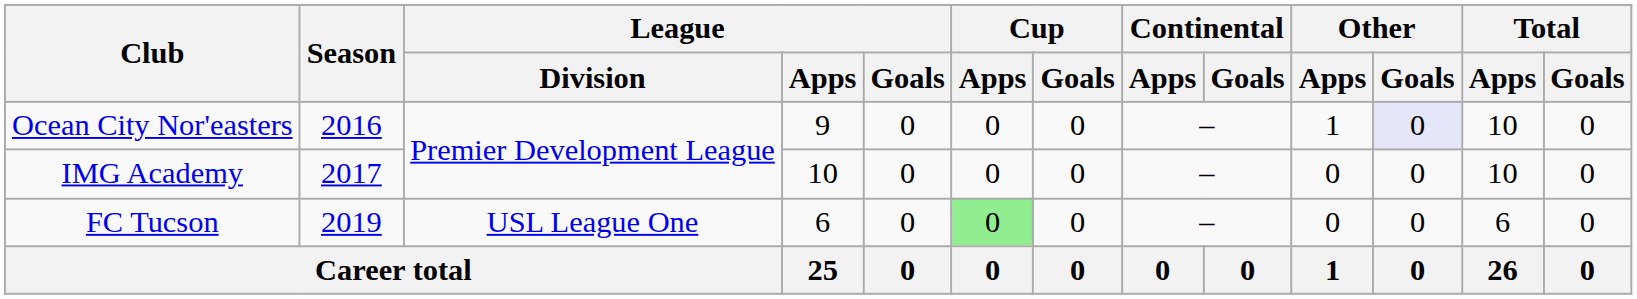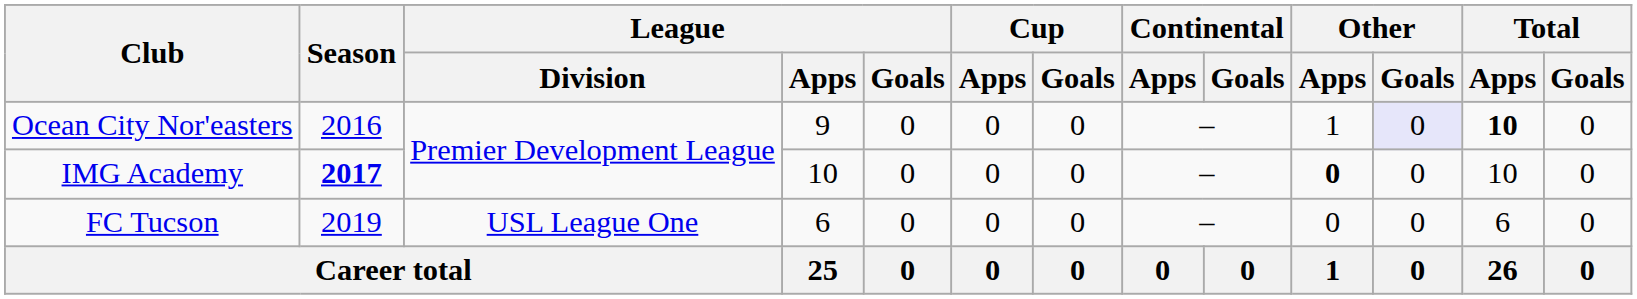 <table class="wikitable" style="text-align: center">
 <tr>
 <th rowspan="2">Club</th>
 <th rowspan="2">Season</th>
 <th colspan="3">League</th>
 <th colspan="2">Cup</th>
 <th colspan="2">Continental</th>
 <th colspan="2">Other</th>
 <th colspan="2">Total</th>
 </tr>
 <tr>
 <th>Division</th>
 <th>Apps</th>
 <th>Goals</th>
 <th>Apps</th>
 <th>Goals</th>
 <th>Apps</th>
 <th>Goals</th>
 <th>Apps</th>
 <th>Goals</th>
 <th>Apps</th>
 <th>Goals</th>
 </tr>
 <tr>
 <td><a href='#'>Ocean City Nor'easters</a></td>
 <td><a href='#'>2016</a></td>
 <td rowspan="2"><a href='#'>Premier Development League</a></td>
 <td>9</td>
 <td>0</td>
 <td>0</td>
 <td>0</td>
 <td colspan="2">–</td>
 <td>1</td>
 <td style="background: lavender;">0</td>
-<td>10</td>
+<td><strong>10</strong></td>
 <td>0</td>
 </tr>
 <tr>
 <td><a href='#'>IMG Academy</a></td>
-<td><a href='#'>2017</a></td>
+<td><strong><a href='#'>2017</a></strong></td>
 <td>10</td>
 <td>0</td>
 <td>0</td>
 <td>0</td>
 <td colspan="2">–</td>
-<td>0</td>
+<td><strong>0</strong></td>
 <td>0</td>
 <td>10</td>
 <td>0</td>
 </tr>
 <tr>
 <td><a href='#'>FC Tucson</a></td>
 <td><a href='#'>2019</a></td>
 <td><a href='#'>USL League One</a></td>
 <td>6</td>
 <td>0</td>
-<td style="background: lightgreen;">0</td>
+<td>0</td>
 <td>0</td>
 <td colspan="2">–</td>
 <td>0</td>
 <td>0</td>
 <td>6</td>
 <td>0</td>
 </tr>
 <tr>
 <th colspan=3>Career total</th>
 <th>25</th>
 <th>0</th>
 <th>0</th>
 <th>0</th>
 <th>0</th>
 <th>0</th>
 <th>1</th>
 <th>0</th>
 <th>26</th>
 <th>0</th>
 </tr>
 </table>
